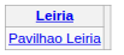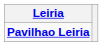 <table class="wikitable" style="text-align:center;">
 <tr>
 <th><a href='#'>Leiria</a></th>
 <th rowspan=2></th>
 </tr>
 <tr>
-<td><a href='#'>Pavilhao Leiria</a></td>
+<td><strong><a href='#'>Pavilhao Leiria</a></strong></td>
 </tr>
 </table>
